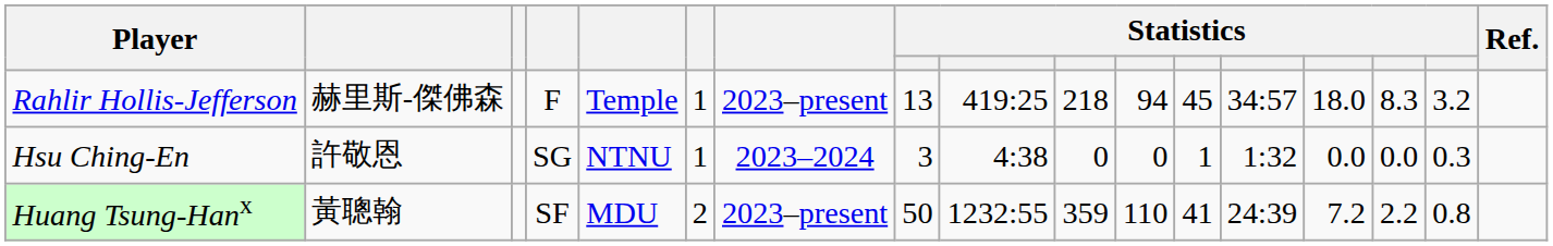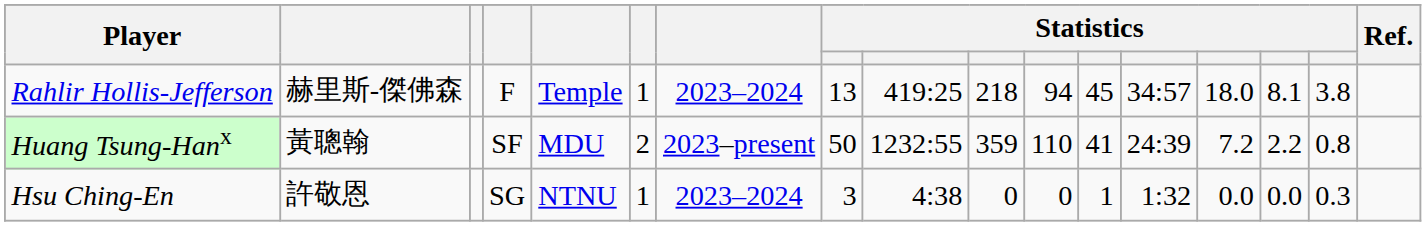 <table class="wikitable sortable" style="font-size:95%; text-align:right;">
 <tr>
 <th rowspan="2">Player</th>
 <th rowspan="2"></th>
 <th rowspan="2"></th>
 <th rowspan="2"></th>
 <th rowspan="2"></th>
 <th rowspan="2"></th>
 <th rowspan="2"></th>
 <th colspan="9">Statistics</th>
 <th rowspan="2">Ref.</th>
 </tr>
 <tr>
 <th></th>
 <th></th>
 <th></th>
 <th></th>
 <th></th>
 <th></th>
 <th></th>
 <th></th>
 <th></th>
 </tr>
 <tr>
 <td align="left"><em><a href='#'>Rahlir Hollis-Jefferson</a></em></td>
 <td align="left">赫里斯-傑佛森</td>
 <td align="center"></td>
 <td align="center">F</td>
 <td align="left"><a href='#'>Temple</a></td>
 <td align="center">1</td>
-<td align="center"><a href='#'>2023</a>–<a href='#'>present</a></td>
+<td align="center"><a href='#'>2023–2024</a></td>
 <td>13</td>
 <td>419:25</td>
 <td>218</td>
 <td>94</td>
 <td>45</td>
 <td>34:57</td>
 <td>18.0</td>
-<td>8.3</td>
-<td>3.2</td>
+<td>8.1</td>
+<td>3.8</td>
+<td align="center"></td>
+</tr>
+<tr>
+<td align="left" bgcolor="#CCFFCC"><em>Huang Tsung-Han</em><sup>x</sup></td>
+<td align="left">黃聰翰</td>
+<td align="center"></td>
+<td align="center">SF</td>
+<td align="left"><a href='#'>MDU</a></td>
+<td align="center">2</td>
+<td align="center"><a href='#'>2023</a>–<a href='#'>present</a></td>
+<td>50</td>
+<td>1232:55</td>
+<td>359</td>
+<td>110</td>
+<td>41</td>
+<td>24:39</td>
+<td>7.2</td>
+<td>2.2</td>
+<td>0.8</td>
 <td align="center"></td>
 </tr>
 <tr>
 <td align="left"><em>Hsu Ching-En</em></td>
 <td align="left">許敬恩</td>
 <td align="center"></td>
 <td align="center">SG</td>
 <td align="left"><a href='#'>NTNU</a></td>
 <td align="center">1</td>
 <td align="center"><a href='#'>2023–2024</a></td>
 <td>3</td>
 <td>4:38</td>
 <td>0</td>
 <td>0</td>
 <td>1</td>
 <td>1:32</td>
 <td>0.0</td>
 <td>0.0</td>
 <td>0.3</td>
 <td align="center"></td>
 </tr>
-<tr>
-<td align="left" bgcolor="#CCFFCC"><em>Huang Tsung-Han</em><sup>x</sup></td>
-<td align="left">黃聰翰</td>
-<td align="center"></td>
-<td align="center">SF</td>
-<td align="left"><a href='#'>MDU</a></td>
-<td align="center">2</td>
-<td align="center"><a href='#'>2023</a>–<a href='#'>present</a></td>
-<td>50</td>
-<td>1232:55</td>
-<td>359</td>
-<td>110</td>
-<td>41</td>
-<td>24:39</td>
-<td>7.2</td>
-<td>2.2</td>
-<td>0.8</td>
-<td align="center"></td>
-</tr>
 </table>
